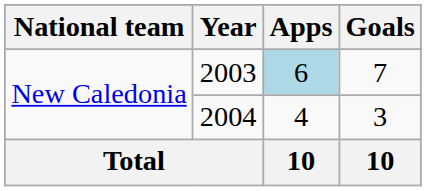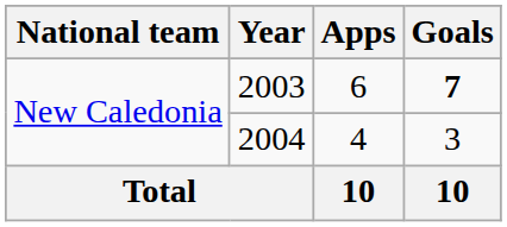 <table class="wikitable" style="text-align:center">
 <tr>
 <th>National team</th>
 <th>Year</th>
 <th>Apps</th>
 <th>Goals</th>
 </tr>
 <tr>
 <td rowspan="2"><a href='#'>New Caledonia</a></td>
 <td>2003</td>
-<td style="background: lightblue;">6</td>
-<td>7</td>
+<td>6</td>
+<td><strong>7</strong></td>
 </tr>
 <tr>
 <td>2004</td>
 <td>4</td>
 <td>3</td>
 </tr>
 <tr>
 <th colspan=2>Total</th>
 <th>10</th>
 <th>10</th>
 </tr>
 </table>
